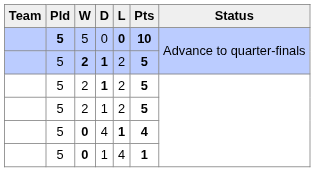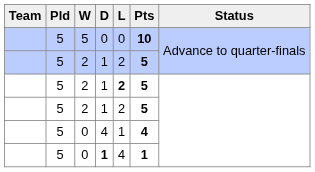 <table style=border-collapse:collapse border=1 cellspacing=0 cellpadding=5>
 <tr align=center bgcolor=#efefef>
 <th>Team</th>
 <th>Pld</th>
 <th>W</th>
 <th>D</th>
 <th>L</th>
 <th>Pts</th>
 <th>Status</th>
 </tr>
 <tr align=center style="background:#bbccff;">
 <td style="text-align:left;"> </td>
-<td><strong>5</strong></td>
+<td>5</td>
 <td>5</td>
 <td>0</td>
-<td><strong>0</strong></td>
+<td>0</td>
 <td><strong>10</strong></td>
 <td rowspan=2>Advance to quarter-finals</td>
 </tr>
 <tr align=center style="background:#bbccff;">
 <td style="text-align:left;"> </td>
 <td>5</td>
-<td><strong>2</strong></td>
-<td><strong>1</strong></td>
+<td>2</td>
+<td>1</td>
 <td>2</td>
 <td><strong>5</strong></td>
 </tr>
 <tr align=center style="background:#FFFFFF;">
 <td style="text-align:left;"> </td>
 <td>5</td>
 <td>2</td>
-<td><strong>1</strong></td>
-<td>2</td>
+<td>1</td>
+<td><strong>2</strong></td>
 <td><strong>5</strong></td>
 <td rowspan=4></td>
 </tr>
 <tr align=center style="background:#FFFFFF;">
 <td style="text-align:left;"> </td>
 <td>5</td>
 <td>2</td>
 <td>1</td>
 <td>2</td>
 <td><strong>5</strong></td>
 </tr>
 <tr align=center style="background:#FFFFFF;">
 <td style="text-align:left;"> </td>
 <td>5</td>
-<td><strong>0</strong></td>
+<td>0</td>
 <td>4</td>
-<td><strong>1</strong></td>
+<td>1</td>
 <td><strong>4</strong></td>
 </tr>
 <tr align=center style="background:#FFFFFF;">
 <td style="text-align:left;"> </td>
 <td>5</td>
-<td><strong>0</strong></td>
-<td>1</td>
+<td>0</td>
+<td><strong>1</strong></td>
 <td>4</td>
 <td><strong>1</strong></td>
 </tr>
 </table>
